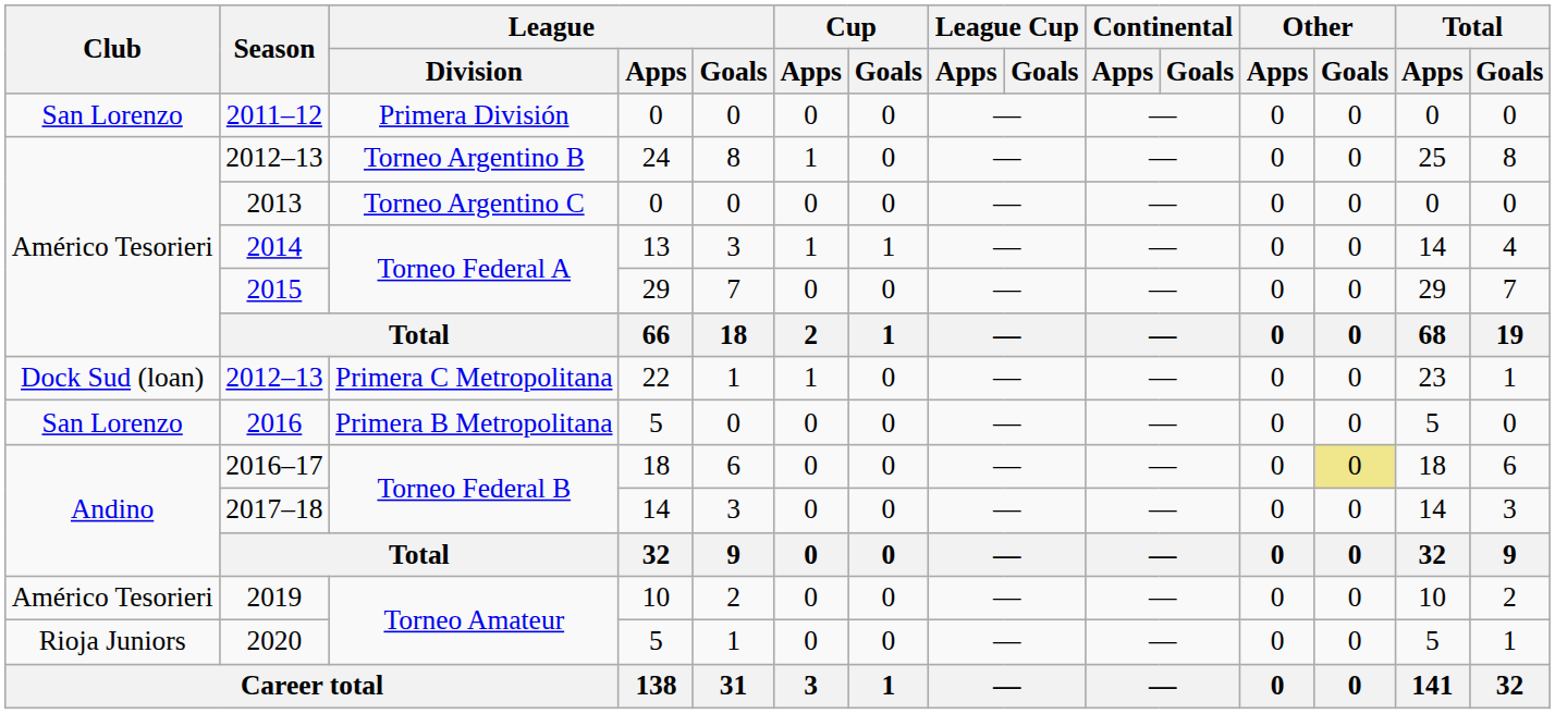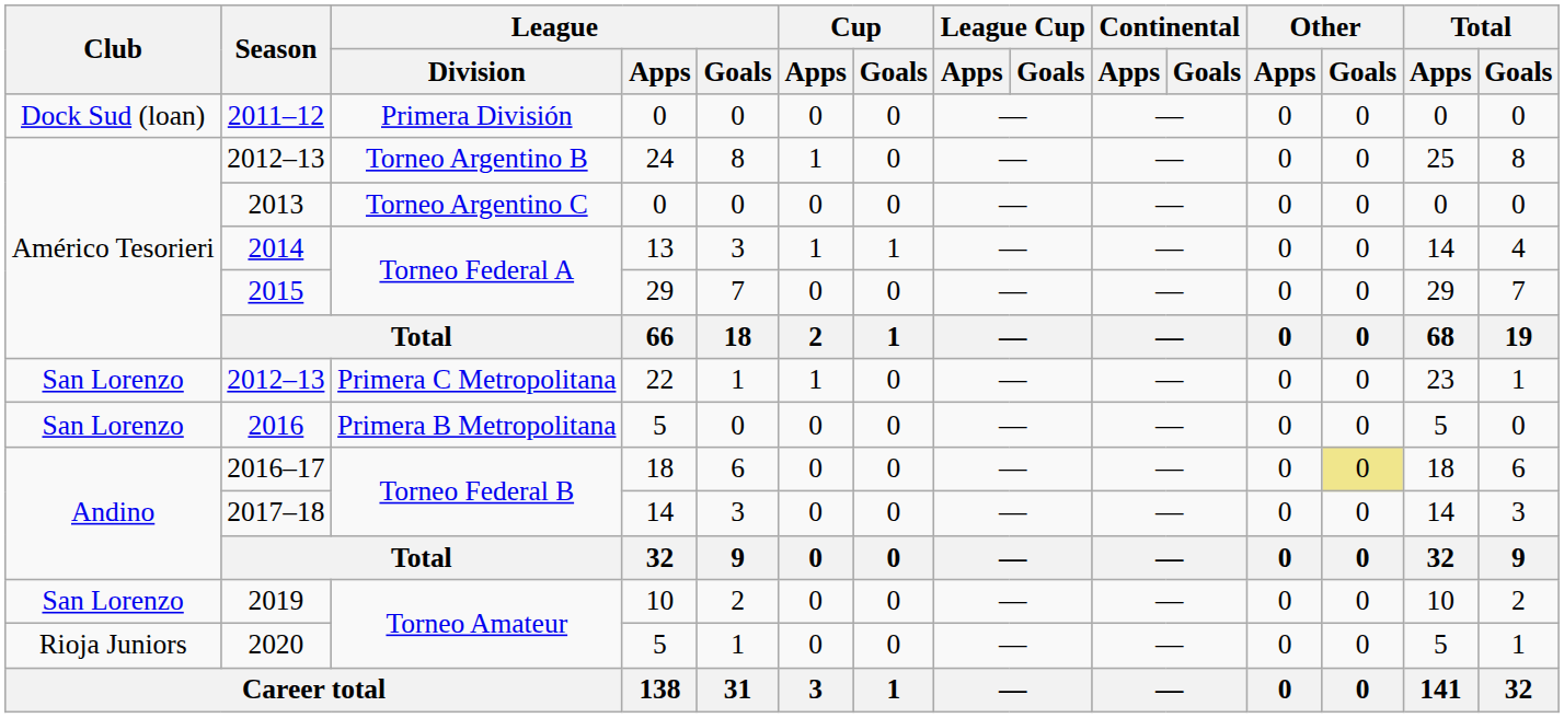 <table class="wikitable" style="text-align:center">
 <tr>
 <th rowspan="2">Club</th>
 <th rowspan="2">Season</th>
 <th colspan="3">League</th>
 <th colspan="2">Cup</th>
 <th colspan="2">League Cup</th>
 <th colspan="2">Continental</th>
 <th colspan="2">Other</th>
 <th colspan="2">Total</th>
 </tr>
 <tr>
 <th>Division</th>
 <th>Apps</th>
 <th>Goals</th>
 <th>Apps</th>
 <th>Goals</th>
 <th>Apps</th>
 <th>Goals</th>
 <th>Apps</th>
 <th>Goals</th>
 <th>Apps</th>
 <th>Goals</th>
 <th>Apps</th>
 <th>Goals</th>
 </tr>
 <tr>
-<td rowspan="1"><a href='#'>San Lorenzo</a></td>
+<td rowspan="1"><a href='#'>Dock Sud</a> (loan)</td>
 <td><a href='#'>2011–12</a></td>
 <td rowspan="1"><a href='#'>Primera División</a></td>
 <td>0</td>
 <td>0</td>
 <td>0</td>
 <td>0</td>
 <td colspan="2">—</td>
 <td colspan="2">—</td>
 <td>0</td>
 <td>0</td>
 <td>0</td>
 <td>0</td>
 </tr>
 <tr>
 <td rowspan="5">Américo Tesorieri</td>
 <td>2012–13</td>
 <td rowspan="1"><a href='#'>Torneo Argentino B</a></td>
 <td>24</td>
 <td>8</td>
 <td>1</td>
 <td>0</td>
 <td colspan="2">—</td>
 <td colspan="2">—</td>
 <td>0</td>
 <td>0</td>
 <td>25</td>
 <td>8</td>
 </tr>
 <tr>
 <td>2013</td>
 <td rowspan="1"><a href='#'>Torneo Argentino C</a></td>
 <td>0</td>
 <td>0</td>
 <td>0</td>
 <td>0</td>
 <td colspan="2">—</td>
 <td colspan="2">—</td>
 <td>0</td>
 <td>0</td>
 <td>0</td>
 <td>0</td>
 </tr>
 <tr>
 <td><a href='#'>2014</a></td>
 <td rowspan="2"><a href='#'>Torneo Federal A</a></td>
 <td>13</td>
 <td>3</td>
 <td>1</td>
 <td>1</td>
 <td colspan="2">—</td>
 <td colspan="2">—</td>
 <td>0</td>
 <td>0</td>
 <td>14</td>
 <td>4</td>
 </tr>
 <tr>
 <td><a href='#'>2015</a></td>
 <td>29</td>
 <td>7</td>
 <td>0</td>
 <td>0</td>
 <td colspan="2">—</td>
 <td colspan="2">—</td>
 <td>0</td>
 <td>0</td>
 <td>29</td>
 <td>7</td>
 </tr>
 <tr>
 <th colspan="2">Total</th>
 <th>66</th>
 <th>18</th>
 <th>2</th>
 <th>1</th>
 <th colspan="2">—</th>
 <th colspan="2">—</th>
 <th>0</th>
 <th>0</th>
 <th>68</th>
 <th>19</th>
 </tr>
 <tr>
-<td rowspan="1"><a href='#'>Dock Sud</a> (loan)</td>
+<td rowspan="1"><a href='#'>San Lorenzo</a></td>
 <td><a href='#'>2012–13</a></td>
 <td rowspan="1"><a href='#'>Primera C Metropolitana</a></td>
 <td>22</td>
 <td>1</td>
 <td>1</td>
 <td>0</td>
 <td colspan="2">—</td>
 <td colspan="2">—</td>
 <td>0</td>
 <td>0</td>
 <td>23</td>
 <td>1</td>
 </tr>
 <tr>
 <td rowspan="1"><a href='#'>San Lorenzo</a></td>
 <td><a href='#'>2016</a></td>
 <td rowspan="1"><a href='#'>Primera B Metropolitana</a></td>
 <td>5</td>
 <td>0</td>
 <td>0</td>
 <td>0</td>
 <td colspan="2">—</td>
 <td colspan="2">—</td>
 <td>0</td>
 <td>0</td>
 <td>5</td>
 <td>0</td>
 </tr>
 <tr>
 <td rowspan="3"><a href='#'>Andino</a></td>
 <td>2016–17</td>
 <td rowspan="2"><a href='#'>Torneo Federal B</a></td>
 <td>18</td>
 <td>6</td>
 <td>0</td>
 <td>0</td>
 <td colspan="2">—</td>
 <td colspan="2">—</td>
 <td>0</td>
 <td style="background: khaki;">0</td>
 <td>18</td>
 <td>6</td>
 </tr>
 <tr>
 <td>2017–18</td>
 <td>14</td>
 <td>3</td>
 <td>0</td>
 <td>0</td>
 <td colspan="2">—</td>
 <td colspan="2">—</td>
 <td>0</td>
 <td>0</td>
 <td>14</td>
 <td>3</td>
 </tr>
 <tr>
 <th colspan="2">Total</th>
 <th>32</th>
 <th>9</th>
 <th>0</th>
 <th>0</th>
 <th colspan="2">—</th>
 <th colspan="2">—</th>
 <th>0</th>
 <th>0</th>
 <th>32</th>
 <th>9</th>
 </tr>
 <tr>
-<td rowspan="1">Américo Tesorieri</td>
+<td rowspan="1"><a href='#'>San Lorenzo</a></td>
 <td>2019</td>
 <td rowspan="2"><a href='#'>Torneo Amateur</a></td>
 <td>10</td>
 <td>2</td>
 <td>0</td>
 <td>0</td>
 <td colspan="2">—</td>
 <td colspan="2">—</td>
 <td>0</td>
 <td>0</td>
 <td>10</td>
 <td>2</td>
 </tr>
 <tr>
 <td rowspan="1">Rioja Juniors</td>
 <td>2020</td>
 <td>5</td>
 <td>1</td>
 <td>0</td>
 <td>0</td>
 <td colspan="2">—</td>
 <td colspan="2">—</td>
 <td>0</td>
 <td>0</td>
 <td>5</td>
 <td>1</td>
 </tr>
 <tr>
 <th colspan="3">Career total</th>
 <th>138</th>
 <th>31</th>
 <th>3</th>
 <th>1</th>
 <th colspan="2">—</th>
 <th colspan="2">—</th>
 <th>0</th>
 <th>0</th>
 <th>141</th>
 <th>32</th>
 </tr>
 </table>
